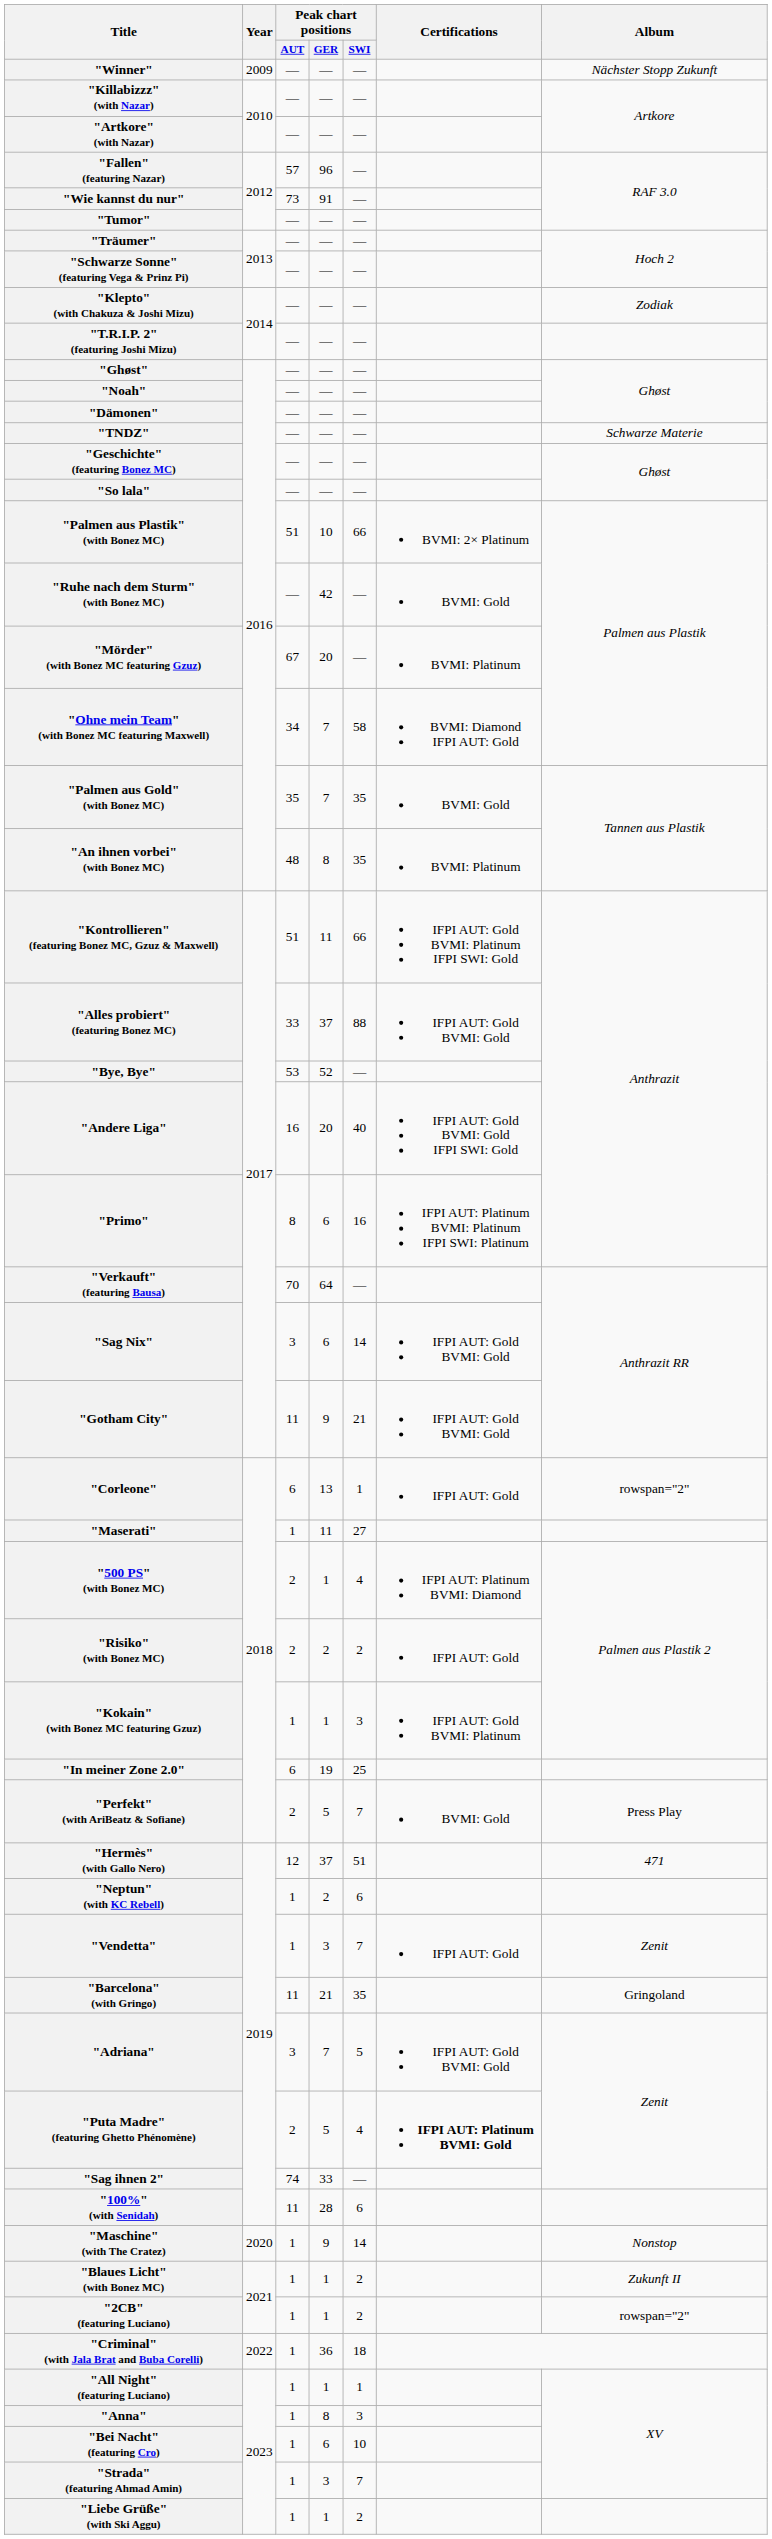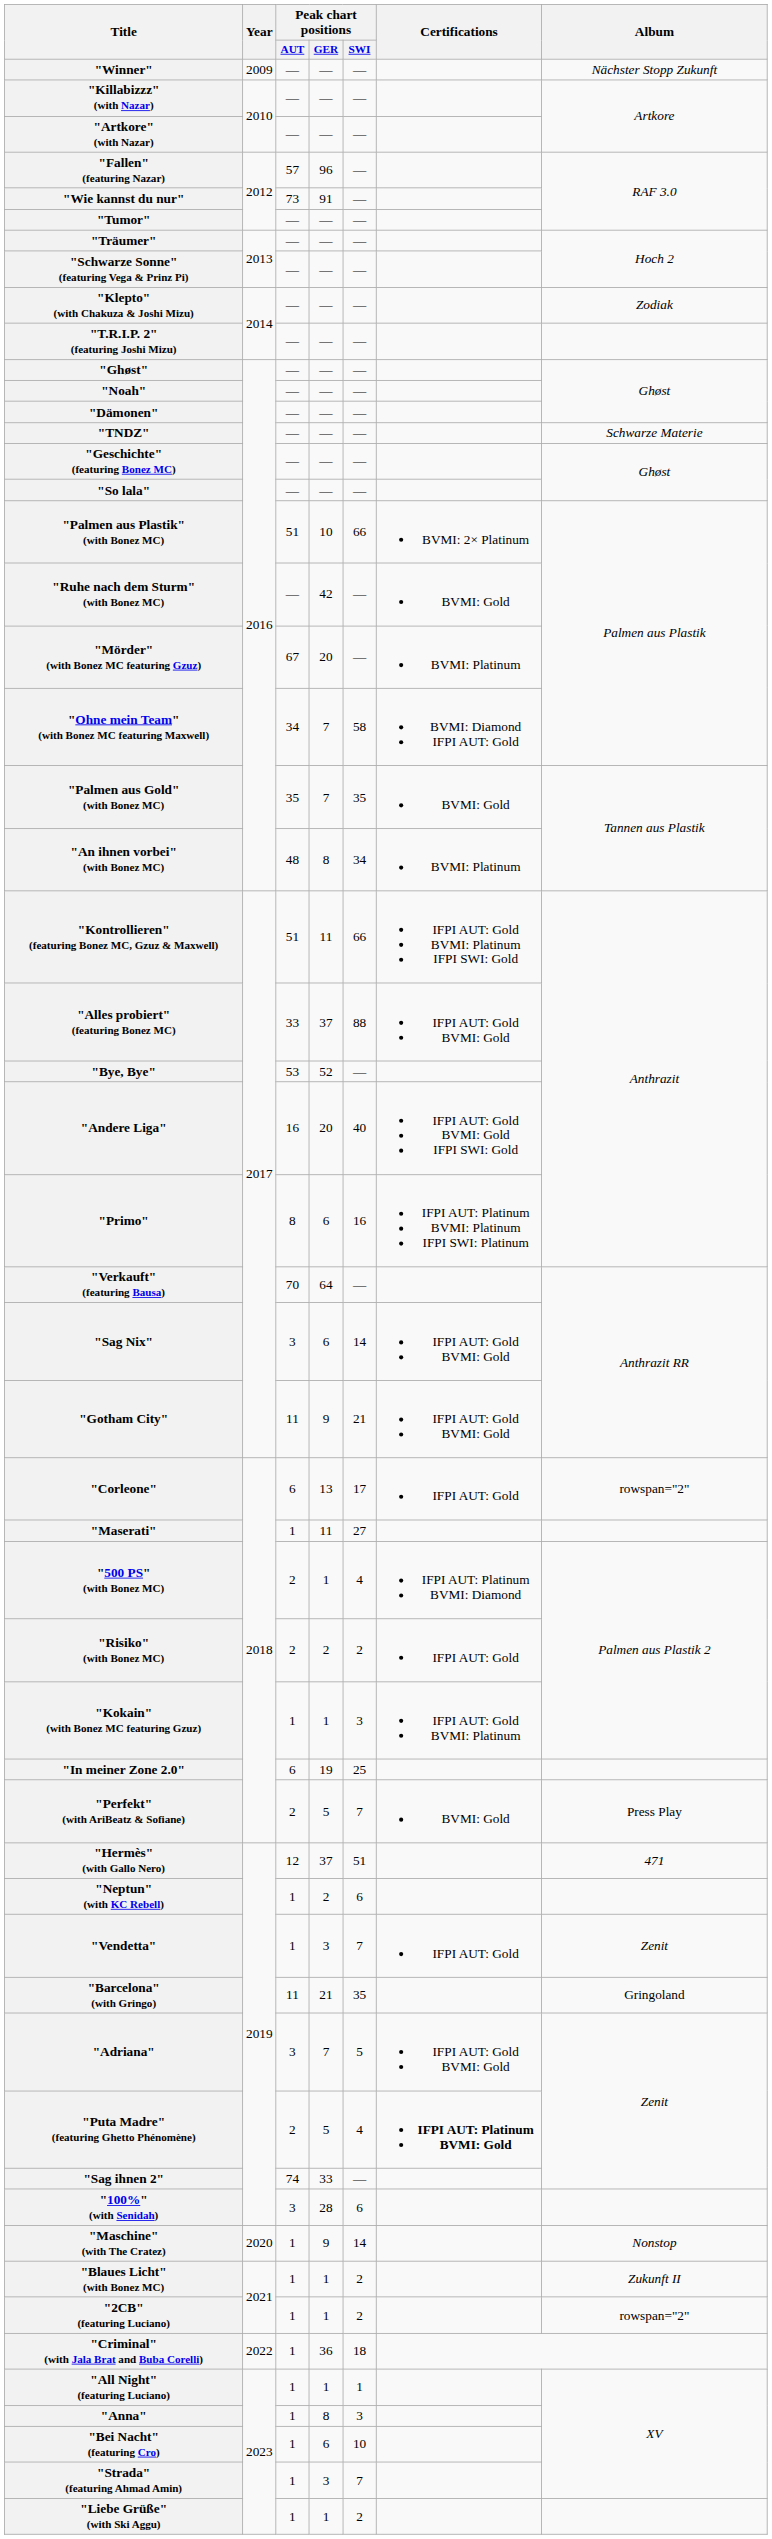 <table class="wikitable plainrowheaders" style="text-align:center;">
 <tr>
 <th scope="col" rowspan="2" style="width:17.5em;">Title</th>
 <th scope="col" rowspan="2" style="width:1em;">Year</th>
 <th scope="col" colspan="3">Peak chart positions</th>
 <th scope="col" rowspan="2" style="width:12em;">Certifications</th>
 <th scope="col" rowspan="2" style="width:16.5em;">Album</th>
 </tr>
 <tr>
 <th style="width:2.5em; font-size:85%"><a href='#'>AUT</a><br></th>
 <th style="width:2.5em; font-size:85%"><a href='#'>GER</a><br></th>
 <th style="width:2.5em; font-size:85%"><a href='#'>SWI</a><br></th>
 </tr>
 <tr>
 <th scope="row">"Winner"</th>
 <td>2009</td>
 <td>—</td>
 <td>—</td>
 <td>—</td>
 <td></td>
 <td><em>Nächster Stopp Zukunft</em></td>
 </tr>
 <tr>
 <th scope="row">"Killabizzz"<br><small>(with <a href='#'>Nazar</a>)</small></th>
 <td rowspan="2">2010</td>
 <td>—</td>
 <td>—</td>
 <td>—</td>
 <td></td>
 <td rowspan="2"><em>Artkore</em></td>
 </tr>
 <tr>
 <th scope="row">"Artkore"<br><small>(with Nazar)</small></th>
 <td>—</td>
 <td>—</td>
 <td>—</td>
 </tr>
 <tr>
 <th scope="row">"Fallen"<br><small>(featuring Nazar)</small></th>
 <td rowspan="3">2012</td>
 <td>57</td>
 <td>96</td>
 <td>—</td>
 <td></td>
 <td rowspan="3"><em>RAF 3.0</em></td>
 </tr>
 <tr>
 <th scope="row">"Wie kannst du nur"</th>
 <td>73</td>
 <td>91</td>
 <td>—</td>
 <td></td>
 </tr>
 <tr>
 <th scope="row">"Tumor"</th>
 <td>—</td>
 <td>—</td>
 <td>—</td>
 <td></td>
 </tr>
 <tr>
 <th scope="row">"Träumer"</th>
 <td rowspan="2">2013</td>
 <td>—</td>
 <td>—</td>
 <td>—</td>
 <td></td>
 <td rowspan="2"><em>Hoch 2</em></td>
 </tr>
 <tr>
 <th scope="row">"Schwarze Sonne"<br><small>(featuring Vega & Prinz Pi)</small></th>
 <td>—</td>
 <td>—</td>
 <td>—</td>
 <td></td>
 </tr>
 <tr>
 <th scope="row">"Klepto"<br><small>(with Chakuza & Joshi Mizu)</small></th>
 <td rowspan="2">2014</td>
 <td>—</td>
 <td>—</td>
 <td>—</td>
 <td></td>
 <td><em>Zodiak</em></td>
 </tr>
 <tr>
 <th scope="row">"T.R.I.P. 2"<br><small>(featuring Joshi Mizu)</small></th>
 <td>—</td>
 <td>—</td>
 <td>—</td>
 <td></td>
 <td></td>
 </tr>
 <tr>
 <th scope="row">"Ghøst"</th>
 <td rowspan="12">2016</td>
 <td>—</td>
 <td>—</td>
 <td>—</td>
 <td></td>
 <td rowspan="3"><em>Ghøst</em></td>
 </tr>
 <tr>
 <th scope="row">"Noah"</th>
 <td>—</td>
 <td>—</td>
 <td>—</td>
 <td></td>
 </tr>
 <tr>
 <th scope="row">"Dämonen"</th>
 <td>—</td>
 <td>—</td>
 <td>—</td>
 <td></td>
 </tr>
 <tr>
 <th scope="row">"TNDZ"</th>
 <td>—</td>
 <td>—</td>
 <td>—</td>
 <td></td>
 <td><em>Schwarze Materie</em></td>
 </tr>
 <tr>
 <th scope="row">"Geschichte"<br><small>(featuring <a href='#'>Bonez MC</a>)</small></th>
 <td>—</td>
 <td>—</td>
 <td>—</td>
 <td></td>
 <td rowspan="2"><em>Ghøst</em></td>
 </tr>
 <tr>
 <th scope="row">"So lala"</th>
 <td>—</td>
 <td>—</td>
 <td>—</td>
 <td></td>
 </tr>
 <tr>
 <th scope="row">"Palmen aus Plastik"<br><small>(with Bonez MC)</small></th>
 <td>51</td>
 <td>10</td>
 <td>66</td>
 <td><br><ul><li>BVMI: 2× Platinum</li></ul></td>
 <td rowspan="4"><em>Palmen aus Plastik</em></td>
 </tr>
 <tr>
 <th scope="row">"Ruhe nach dem Sturm"<br><small>(with Bonez MC)</small></th>
 <td>—</td>
 <td>42</td>
 <td>—</td>
 <td><br><ul><li>BVMI: Gold</li></ul></td>
 </tr>
 <tr>
 <th scope="row">"Mörder"<br><small>(with Bonez MC featuring <a href='#'>Gzuz</a>)</small></th>
 <td>67</td>
 <td>20</td>
 <td>—</td>
 <td><br><ul><li>BVMI: Platinum</li></ul></td>
 </tr>
 <tr>
 <th scope="row">"<a href='#'>Ohne mein Team</a>"<br><small>(with Bonez MC featuring Maxwell)</small></th>
 <td>34</td>
 <td>7</td>
 <td>58</td>
 <td><br><ul><li>BVMI: Diamond</li><li>IFPI AUT: Gold</li></ul></td>
 </tr>
 <tr>
 <th scope="row">"Palmen aus Gold"<br><small>(with Bonez MC)</small></th>
 <td>35</td>
 <td>7</td>
 <td>35</td>
 <td><br><ul><li>BVMI: Gold</li></ul></td>
 <td rowspan="2"><em>Tannen aus Plastik</em></td>
 </tr>
 <tr>
 <th scope="row">"An ihnen vorbei"<br><small>(with Bonez MC)</small></th>
 <td>48</td>
 <td>8</td>
-<td>35</td>
+<td>34</td>
 <td><br><ul><li>BVMI: Platinum</li></ul></td>
 </tr>
 <tr>
 <th scope="row">"Kontrollieren"<br><small>(featuring Bonez MC, Gzuz & Maxwell)</small></th>
 <td rowspan="8">2017</td>
 <td>51</td>
 <td>11</td>
 <td>66</td>
 <td><br><ul><li>IFPI AUT: Gold</li><li>BVMI: Platinum</li><li>IFPI SWI: Gold</li></ul></td>
 <td rowspan="5"><em>Anthrazit</em></td>
 </tr>
 <tr>
 <th scope="row">"Alles probiert"<br><small>(featuring Bonez MC)</small></th>
 <td>33</td>
 <td>37</td>
 <td>88</td>
 <td><br><ul><li>IFPI AUT: Gold</li><li>BVMI: Gold</li></ul></td>
 </tr>
 <tr>
 <th scope="row">"Bye, Bye"</th>
 <td>53</td>
 <td>52</td>
 <td>—</td>
 <td></td>
 </tr>
 <tr>
 <th scope="row">"Andere Liga"</th>
 <td>16</td>
 <td>20</td>
 <td>40</td>
 <td><br><ul><li>IFPI AUT: Gold</li><li>BVMI: Gold</li><li>IFPI SWI: Gold</li></ul></td>
 </tr>
 <tr>
 <th scope="row">"Primo"</th>
 <td>8</td>
 <td>6</td>
 <td>16</td>
 <td><br><ul><li>IFPI AUT: Platinum</li><li>BVMI: Platinum</li><li>IFPI SWI: Platinum</li></ul></td>
 </tr>
 <tr>
 <th scope="row">"Verkauft"<br><small>(featuring <a href='#'>Bausa</a>)</small></th>
 <td>70</td>
 <td>64</td>
 <td>—</td>
 <td></td>
 <td rowspan="3"><em>Anthrazit RR</em></td>
 </tr>
 <tr>
 <th scope="row">"Sag Nix"</th>
 <td>3</td>
 <td>6</td>
 <td>14</td>
 <td><br><ul><li>IFPI AUT: Gold</li><li>BVMI: Gold</li></ul></td>
 </tr>
 <tr>
 <th scope="row">"Gotham City"</th>
 <td>11</td>
 <td>9</td>
 <td>21</td>
 <td><br><ul><li>IFPI AUT: Gold</li><li>BVMI: Gold</li></ul></td>
 </tr>
 <tr>
 <th scope="row">"Corleone"</th>
 <td rowspan="7">2018</td>
 <td>6</td>
 <td>13</td>
-<td>1</td>
+<td>17</td>
 <td><br><ul><li>IFPI AUT: Gold</li></ul></td>
 <td>rowspan="2" </td>
 </tr>
 <tr>
 <th scope="row">"Maserati"</th>
 <td>1</td>
 <td>11</td>
 <td>27</td>
 <td></td>
 </tr>
 <tr>
 <th scope="row">"<a href='#'>500 PS</a>"<br><small>(with Bonez MC)</small></th>
 <td>2</td>
 <td>1</td>
 <td>4</td>
 <td><br><ul><li>IFPI AUT: Platinum</li><li>BVMI: Diamond</li></ul></td>
 <td rowspan="3"><em>Palmen aus Plastik 2</em></td>
 </tr>
 <tr>
 <th scope="row">"Risiko"<br><small>(with Bonez MC)</small></th>
 <td>2</td>
 <td>2</td>
 <td>2</td>
 <td><br><ul><li>IFPI AUT: Gold</li></ul></td>
 </tr>
 <tr>
 <th scope="row">"Kokain"<br><small>(with Bonez MC featuring Gzuz)</small></th>
 <td>1</td>
 <td>1</td>
 <td>3</td>
 <td><br><ul><li>IFPI AUT: Gold</li><li>BVMI: Platinum</li></ul></td>
 </tr>
 <tr>
 <th scope="row">"In meiner Zone 2.0"</th>
 <td>6</td>
 <td>19</td>
 <td>25</td>
 <td></td>
 <td></td>
 </tr>
 <tr>
 <th scope="row">"Perfekt"<br><small>(with AriBeatz & Sofiane)</small></th>
 <td>2</td>
 <td>5</td>
 <td>7</td>
 <td><br><ul><li>BVMI: Gold</li></ul></td>
 <td>Press Play</td>
 </tr>
 <tr>
 <th scope="row">"Hermès"<br><small>(with Gallo Nero)</small></th>
 <td rowspan="8">2019</td>
 <td>12</td>
 <td>37</td>
 <td>51</td>
 <td></td>
 <td><em>471</em></td>
 </tr>
 <tr>
 <th scope="row">"Neptun"<br><small>(with <a href='#'>KC Rebell</a>)</small></th>
 <td>1</td>
 <td>2</td>
 <td>6</td>
 <td></td>
 <td></td>
 </tr>
 <tr>
 <th scope="row">"Vendetta"</th>
 <td>1</td>
 <td>3</td>
 <td>7</td>
 <td><br><ul><li>IFPI AUT: Gold</li></ul></td>
 <td><em>Zenit</em></td>
 </tr>
 <tr>
 <th scope="row">"Barcelona"<br><small>(with Gringo)</small></th>
 <td>11</td>
 <td>21</td>
 <td>35</td>
 <td></td>
 <td>Gringoland</td>
 </tr>
 <tr>
 <th scope="row">"Adriana"</th>
 <td>3</td>
 <td>7</td>
 <td>5</td>
 <td><br><ul><li>IFPI AUT: Gold</li><li>BVMI: Gold</li></ul></td>
 <td rowspan="3"><em>Zenit</em></td>
 </tr>
 <tr>
 <th scope="row">"Puta Madre"<br><small>(featuring Ghetto Phénomène)</small></th>
 <td>2</td>
 <td>5</td>
 <td>4</td>
 <td><strong><br><ul><li>IFPI AUT: Platinum</li><li>BVMI: Gold</li></ul></strong></td>
 </tr>
 <tr>
 <th scope="row">"Sag ihnen 2"</th>
 <td>74</td>
 <td>33</td>
 <td>—</td>
 <td></td>
 </tr>
 <tr>
 <th scope="row">"<a href='#'>100%</a>"<br><small>(with <a href='#'>Senidah</a>)</small></th>
-<td>11</td>
+<td>3</td>
 <td>28</td>
 <td>6</td>
 <td></td>
 <td></td>
 </tr>
 <tr>
 <th scope="row">"Maschine"<br><small>(with The Cratez)</small></th>
 <td>2020</td>
 <td>1</td>
 <td>9</td>
 <td>14</td>
 <td></td>
 <td><em>Nonstop</em></td>
 </tr>
 <tr>
 <th scope="row">"Blaues Licht"<br><small>(with Bonez MC)</small></th>
 <td rowspan="2">2021</td>
 <td>1</td>
 <td>1</td>
 <td>2</td>
 <td></td>
 <td><em>Zukunft II</em></td>
 </tr>
 <tr>
 <th scope="row">"2CB"<br><small>(featuring Luciano)</small></th>
 <td>1</td>
 <td>1</td>
 <td>2</td>
 <td></td>
 <td>rowspan="2" </td>
 </tr>
 <tr>
 <th scope="row">"Criminal"<br><small>(with <a href='#'>Jala Brat</a> and <a href='#'>Buba Corelli</a>)</small></th>
 <td>2022</td>
 <td>1</td>
 <td>36</td>
 <td>18</td>
 </tr>
 <tr>
 <th scope="row">"All Night"<br><small>(featuring Luciano)</small></th>
 <td rowspan="5">2023</td>
 <td>1</td>
 <td>1</td>
 <td>1</td>
 <td></td>
 <td rowspan="4"><em>XV</em></td>
 </tr>
 <tr>
 <th scope="row">"Anna"</th>
 <td>1</td>
 <td>8</td>
 <td>3</td>
 <td></td>
 </tr>
 <tr>
 <th scope="row">"Bei Nacht"<br><small>(featuring <a href='#'>Cro</a>)</small></th>
 <td>1</td>
 <td>6</td>
 <td>10</td>
 <td></td>
 </tr>
 <tr>
 <th scope="row">"Strada"<br><small>(featuring Ahmad Amin)</small></th>
 <td>1</td>
 <td>3</td>
 <td>7</td>
 <td></td>
 </tr>
 <tr>
 <th scope="row">"Liebe Grüße"<br><small>(with Ski Aggu)</small></th>
 <td>1</td>
 <td>1</td>
 <td>2</td>
 <td></td>
 <td></td>
 </tr>
 </table>
